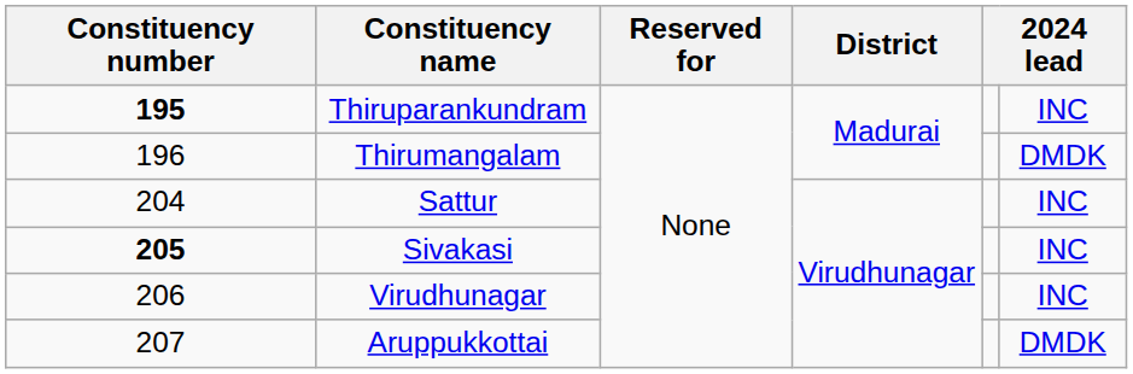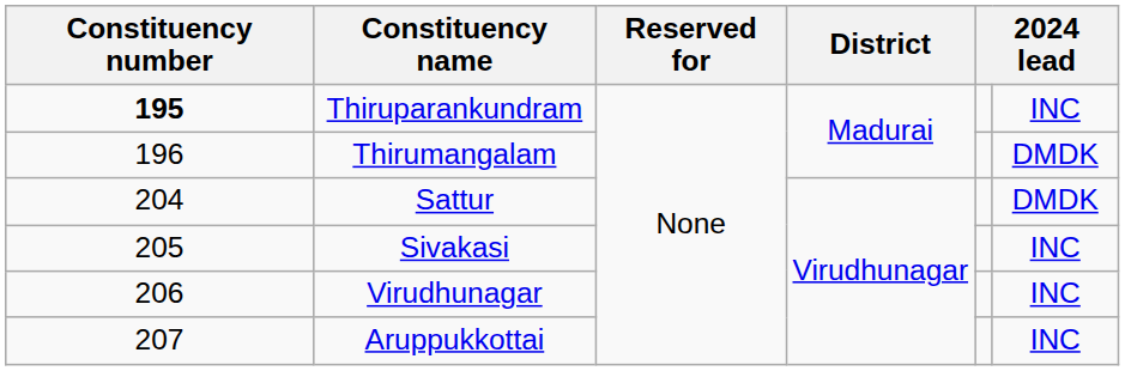 <table class="wikitable sortable" style="text-align:center;">
 <tr>
 <th>Constituency number</th>
 <th>Constituency name</th>
 <th>Reserved for</th>
 <th>District</th>
 <th colspan=2>2024 lead</th>
 </tr>
 <tr>
 <td><strong>195</strong></td>
 <td><a href='#'>Thiruparankundram</a></td>
 <td rowspan=6>None</td>
 <td rowspan=2><a href='#'>Madurai</a></td>
 <td style="background-color: "></td>
 <td><a href='#'>INC</a></td>
 </tr>
 <tr>
 <td>196</td>
 <td><a href='#'>Thirumangalam</a></td>
 <td style="background-color: "></td>
 <td><a href='#'>DMDK</a></td>
 </tr>
 <tr>
 <td>204</td>
 <td><a href='#'>Sattur</a></td>
 <td rowspan=4><a href='#'>Virudhunagar</a></td>
 <td style="background-color: "></td>
-<td><a href='#'>INC</a></td>
+<td><a href='#'>DMDK</a></td>
 </tr>
 <tr>
-<td><strong>205</strong></td>
+<td>205</td>
 <td><a href='#'>Sivakasi</a></td>
 <td style="background-color: "></td>
 <td><a href='#'>INC</a></td>
 </tr>
 <tr>
 <td>206</td>
 <td><a href='#'>Virudhunagar</a></td>
 <td style="background-color: "></td>
 <td><a href='#'>INC</a></td>
 </tr>
 <tr>
 <td>207</td>
 <td><a href='#'>Aruppukkottai</a></td>
 <td style="background-color: "></td>
-<td><a href='#'>DMDK</a></td>
+<td><a href='#'>INC</a></td>
 </tr>
 </table>
